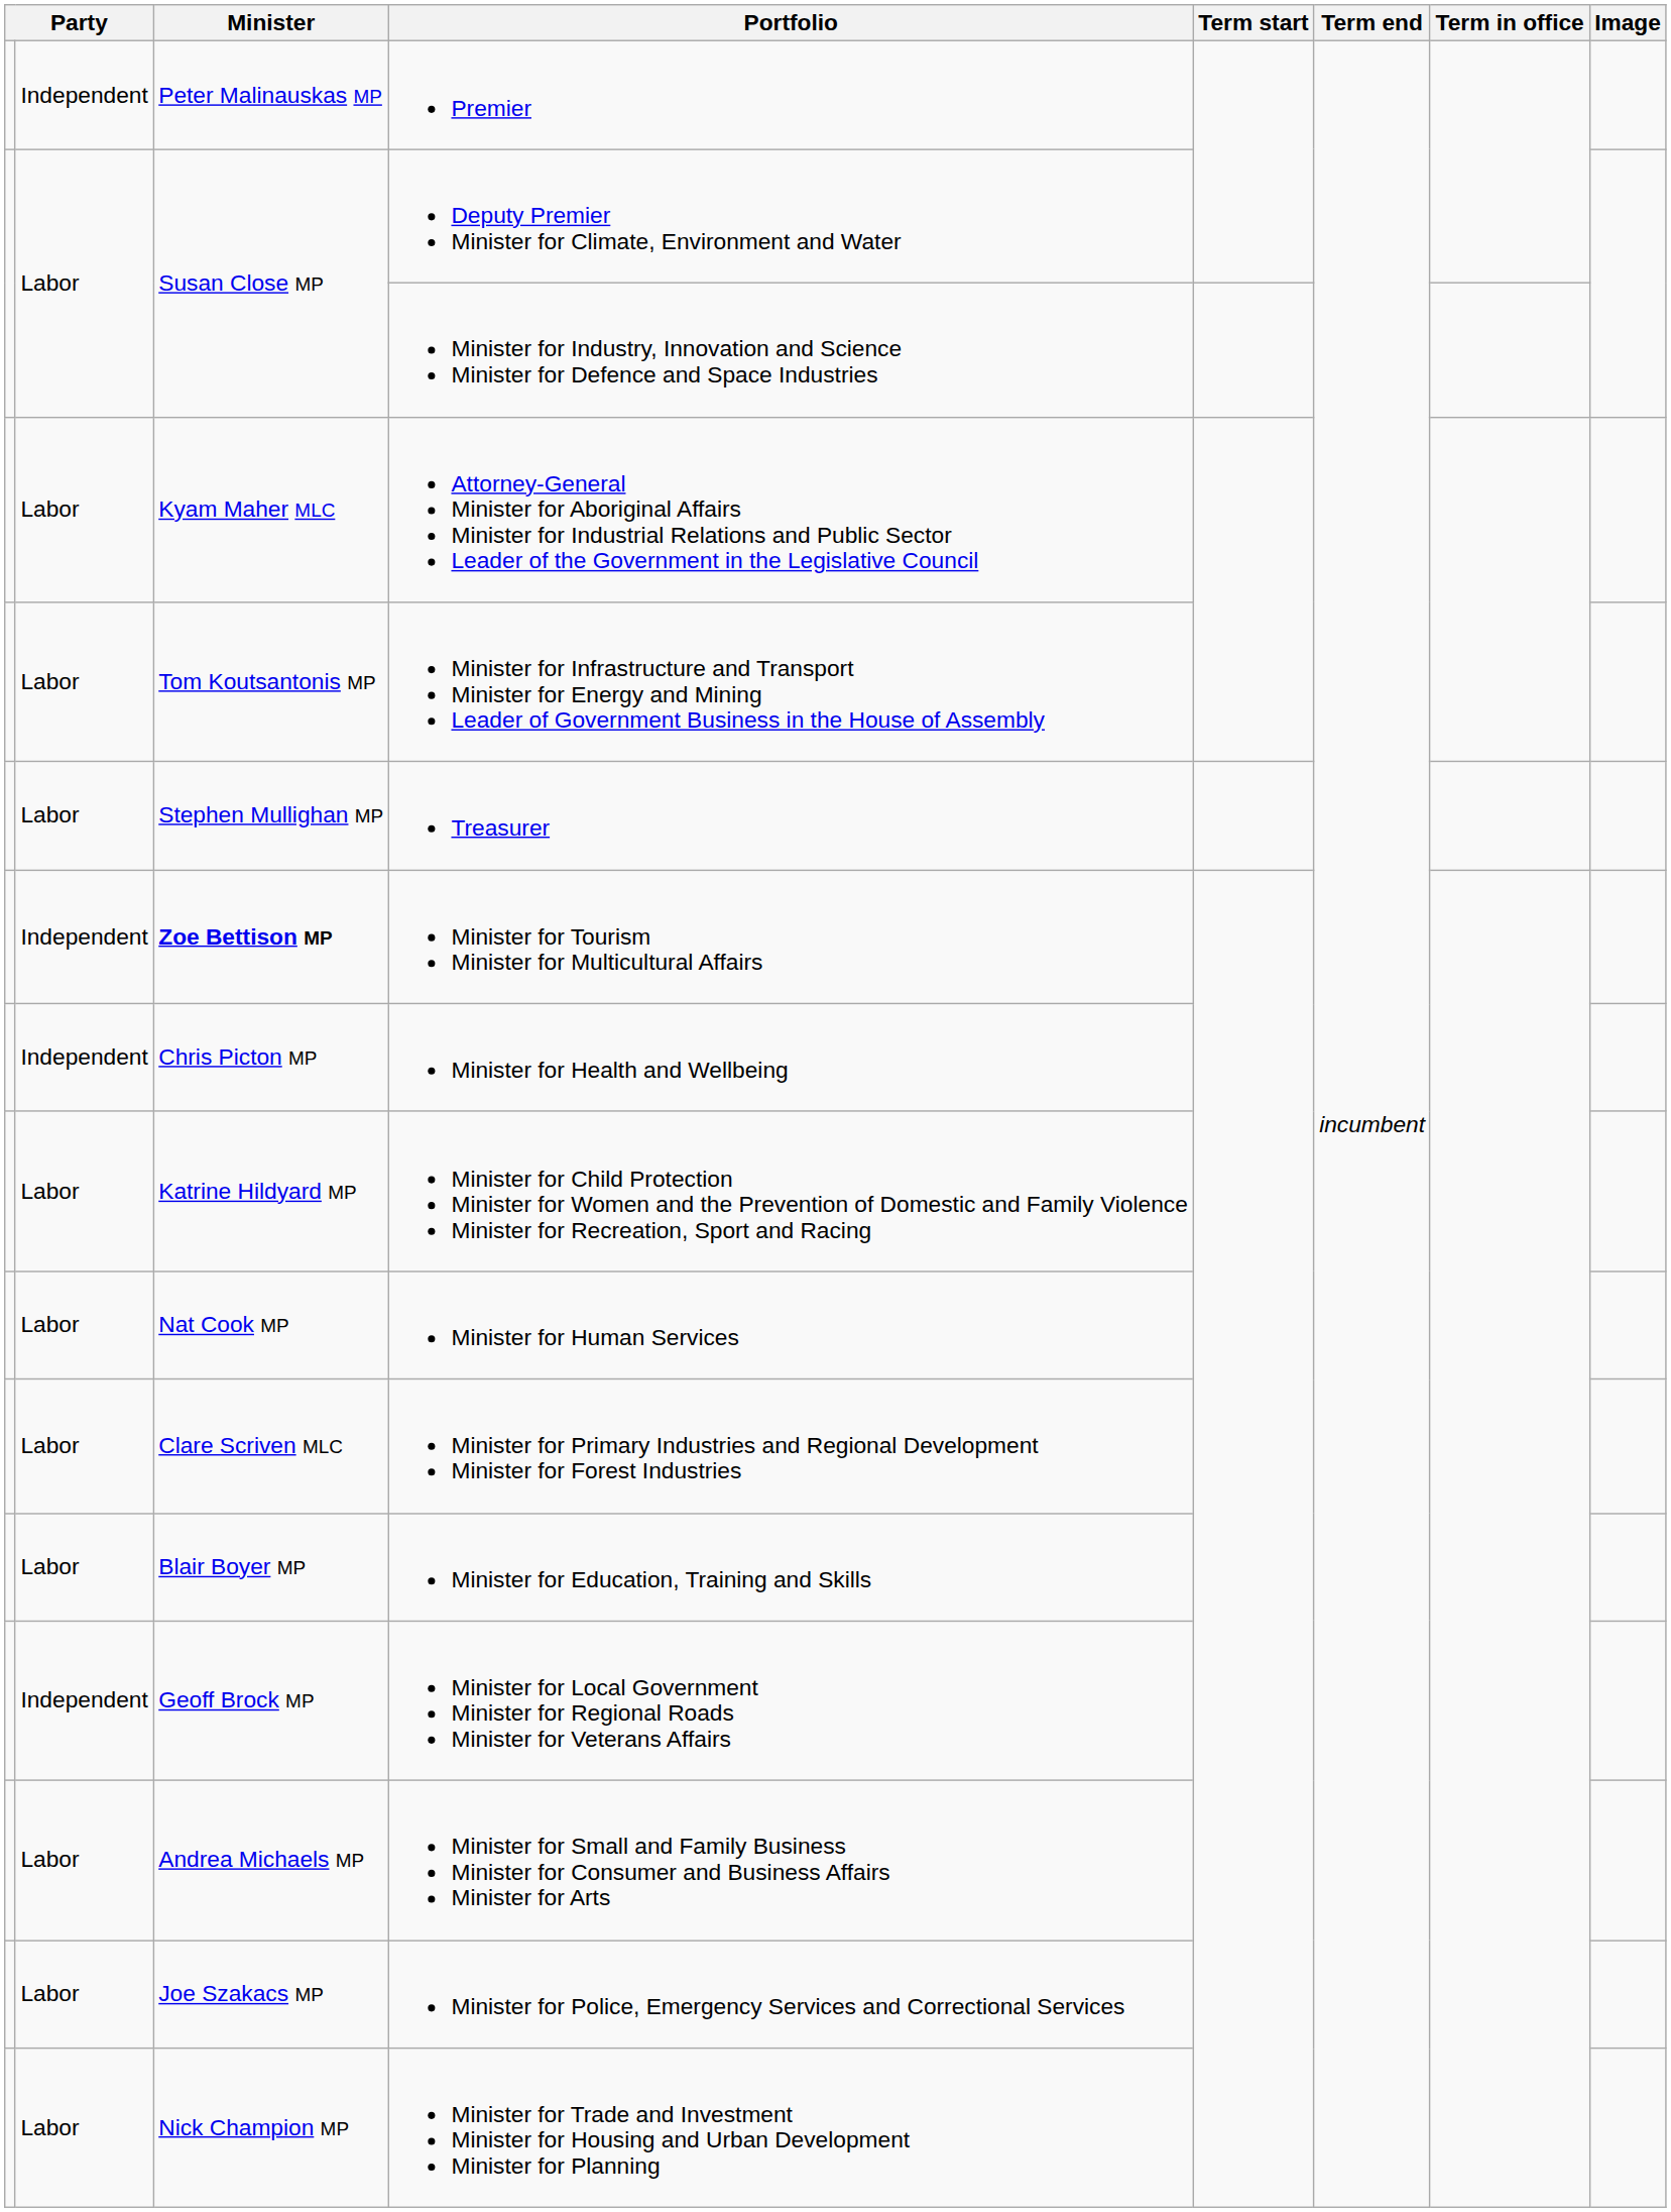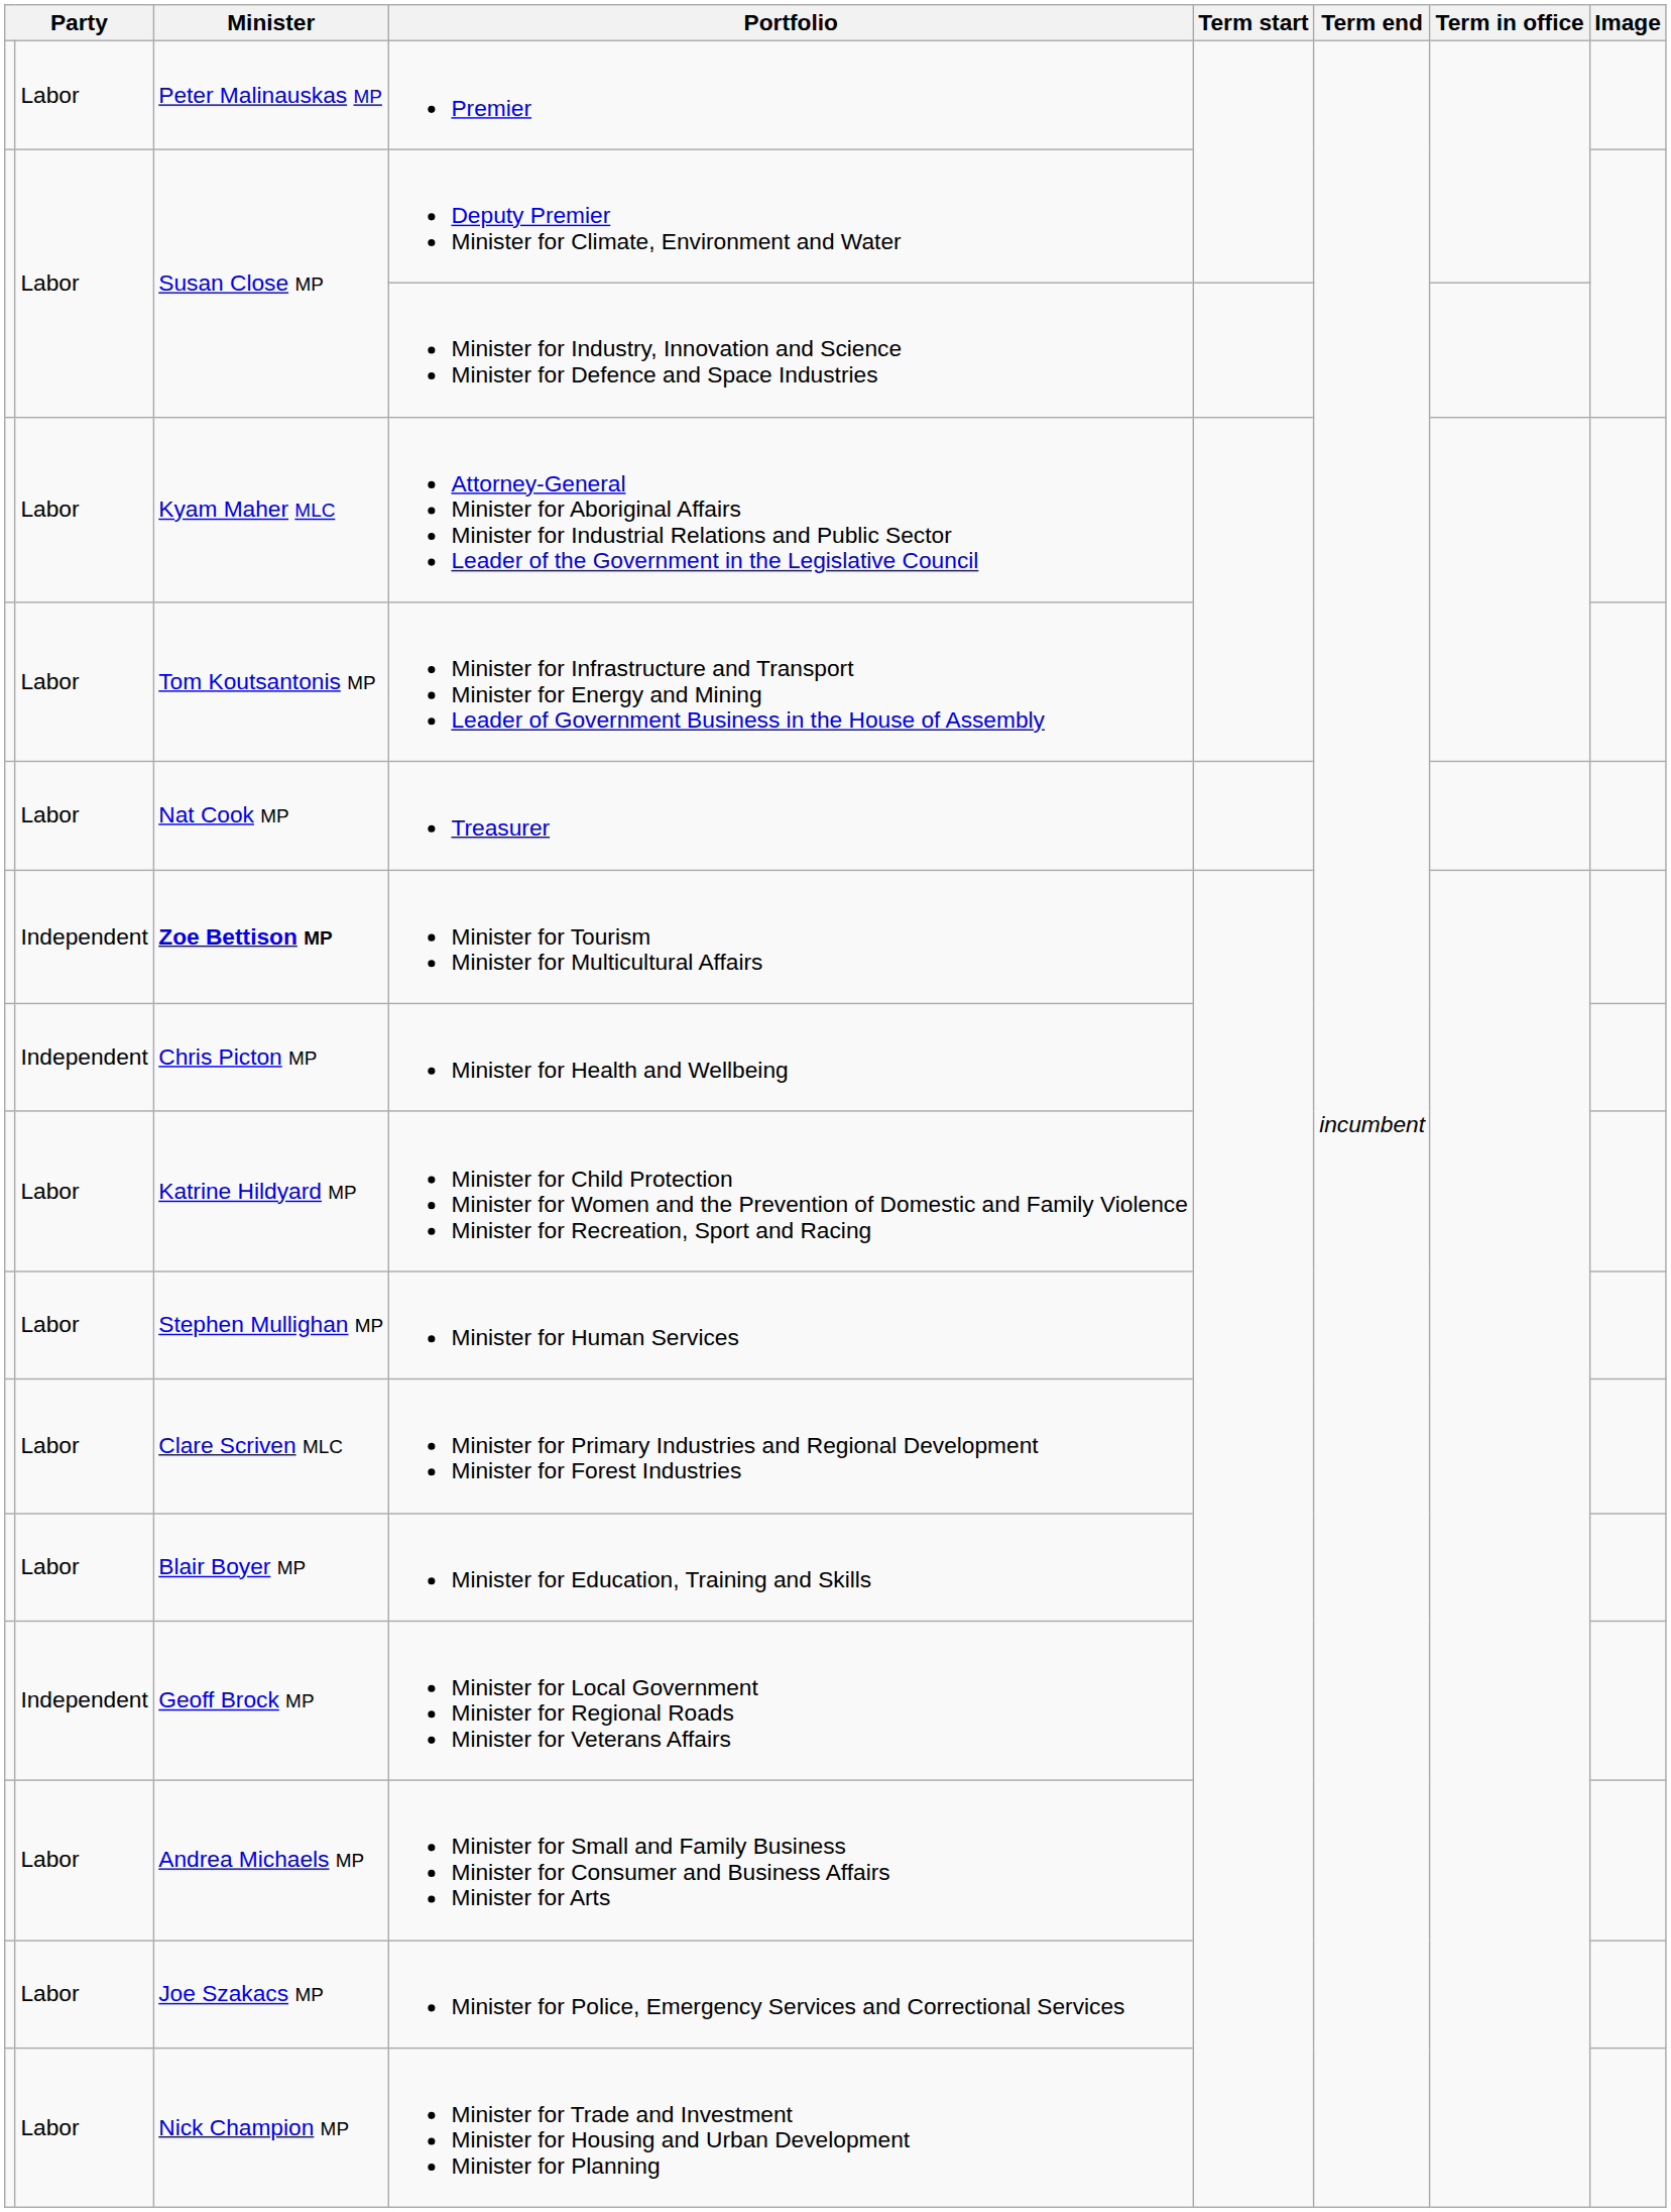 <table class="wikitable sortable">
 <tr>
 <th colspan=2>Party</th>
 <th>Minister</th>
 <th>Portfolio</th>
 <th>Term start</th>
 <th>Term end</th>
 <th>Term in office</th>
 <th>Image</th>
 </tr>
 <tr>
 <td style="background:"></td>
-<td>Independent</td>
+<td>Labor</td>
 <td><a href='#'>Peter Malinauskas</a> <small><a href='#'>MP</a></small></td>
 <td><br><ul><li><a href='#'>Premier</a></li></ul></td>
 <td rowspan="2" align="center"></td>
 <td rowspan="16" align="center"><em>incumbent</em></td>
 <td rowspan="2" align="center"></td>
 <td></td>
 </tr>
 <tr>
 <td rowspan="2" style="background:"></td>
 <td rowspan="2">Labor</td>
 <td rowspan="2"><a href='#'>Susan Close</a> <small>MP</small></td>
 <td><br><ul><li><a href='#'>Deputy Premier</a></li><li>Minister for Climate, Environment and Water</li></ul></td>
 <td rowspan="2"></td>
 </tr>
 <tr>
 <td><br><ul><li>Minister for Industry, Innovation and Science</li><li>Minister for Defence and Space Industries</li></ul></td>
 <td align="center"></td>
 <td align="center"></td>
 </tr>
 <tr>
 <td style="background:"></td>
 <td>Labor</td>
 <td><a href='#'>Kyam Maher</a> <small><a href='#'>MLC</a></small></td>
 <td><br><ul><li><a href='#'>Attorney-General</a></li><li>Minister for Aboriginal Affairs</li><li>Minister for Industrial Relations and Public Sector</li><li><a href='#'>Leader of the Government in the Legislative Council</a></li></ul></td>
 <td rowspan=2 align=center></td>
 <td rowspan=2 align=center></td>
 <td></td>
 </tr>
 <tr>
 <td style="background:"></td>
 <td>Labor</td>
 <td><a href='#'>Tom Koutsantonis</a> <small>MP</small></td>
 <td><br><ul><li>Minister for Infrastructure and Transport</li><li>Minister for Energy and Mining</li><li><a href='#'>Leader of Government Business in the House of Assembly</a></li></ul></td>
 <td></td>
 </tr>
 <tr>
 <td style="background:"></td>
 <td>Labor</td>
-<td><a href='#'>Stephen Mullighan</a> <small>MP</small></td>
+<td><a href='#'>Nat Cook</a> <small>MP</small></td>
 <td><br><ul><li><a href='#'>Treasurer</a></li></ul></td>
 <td align="center"></td>
 <td align="center"></td>
 <td></td>
 </tr>
 <tr>
 <td style="background:"></td>
 <td>Independent</td>
 <td><strong><a href='#'>Zoe Bettison</a> <small>MP</small></strong></td>
 <td><br><ul><li>Minister for Tourism</li><li>Minister for Multicultural Affairs</li></ul></td>
 <td rowspan=10 align=center></td>
 <td rowspan=10 align=center></td>
 <td></td>
 </tr>
 <tr>
 <td style="background:"></td>
 <td>Independent</td>
 <td><a href='#'>Chris Picton</a> <small>MP</small></td>
 <td><br><ul><li>Minister for Health and Wellbeing</li></ul></td>
 <td></td>
 </tr>
 <tr>
 <td style="background:"></td>
 <td>Labor</td>
 <td><a href='#'>Katrine Hildyard</a> <small>MP</small></td>
 <td><br><ul><li>Minister for Child Protection</li><li>Minister for Women and the Prevention of Domestic and Family Violence</li><li>Minister for Recreation, Sport and Racing</li></ul></td>
 <td></td>
 </tr>
 <tr>
 <td style="background:"></td>
 <td>Labor</td>
-<td><a href='#'>Nat Cook</a> <small>MP</small></td>
+<td><a href='#'>Stephen Mullighan</a> <small>MP</small></td>
 <td><br><ul><li>Minister for Human Services</li></ul></td>
 <td></td>
 </tr>
 <tr>
 <td style="background:"></td>
 <td>Labor</td>
 <td><a href='#'>Clare Scriven</a> <small>MLC</small></td>
 <td><br><ul><li>Minister for Primary Industries and Regional Development</li><li>Minister for Forest Industries</li></ul></td>
 <td></td>
 </tr>
 <tr>
 <td style="background:"></td>
 <td>Labor</td>
 <td><a href='#'>Blair Boyer</a> <small>MP</small></td>
 <td><br><ul><li>Minister for Education, Training and Skills</li></ul></td>
 <td></td>
 </tr>
 <tr>
 <td style="background:"></td>
 <td>Independent</td>
 <td><a href='#'>Geoff Brock</a> <small>MP</small></td>
 <td><br><ul><li>Minister for Local Government</li><li>Minister for Regional Roads</li><li>Minister for Veterans Affairs</li></ul></td>
 <td></td>
 </tr>
 <tr>
 <td style="background:"></td>
 <td>Labor</td>
 <td><a href='#'>Andrea Michaels</a> <small>MP</small></td>
 <td><br><ul><li>Minister for Small and Family Business</li><li>Minister for Consumer and Business Affairs</li><li>Minister for Arts</li></ul></td>
 <td></td>
 </tr>
 <tr>
 <td style="background:"></td>
 <td>Labor</td>
 <td><a href='#'>Joe Szakacs</a> <small>MP</small></td>
 <td><br><ul><li>Minister for Police, Emergency Services and Correctional Services</li></ul></td>
 <td></td>
 </tr>
 <tr>
 <td style="background:"></td>
 <td>Labor</td>
 <td><a href='#'>Nick Champion</a> <small>MP</small></td>
 <td><br><ul><li>Minister for Trade and Investment</li><li>Minister for Housing and Urban Development</li><li>Minister for Planning</li></ul></td>
 <td></td>
 </tr>
 </table>
